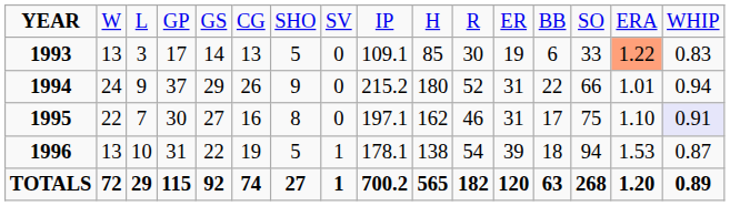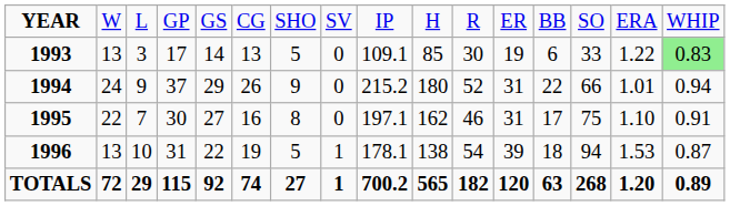 <table class="wikitable">
 <tr align=center>
 <td><strong>YEAR</strong></td>
 <td><a href='#'>W</a></td>
 <td><a href='#'>L</a></td>
 <td><a href='#'>GP</a></td>
 <td><a href='#'>GS</a></td>
 <td><a href='#'>CG</a></td>
 <td><a href='#'>SHO</a></td>
 <td><a href='#'>SV</a></td>
 <td><a href='#'>IP</a></td>
 <td><a href='#'>H</a></td>
 <td><a href='#'>R</a></td>
 <td><a href='#'>ER</a></td>
 <td><a href='#'>BB</a></td>
 <td><a href='#'>SO</a></td>
 <td><a href='#'>ERA</a></td>
 <td><a href='#'>WHIP</a></td>
 </tr>
 <tr align=center>
 <td><strong>1993</strong></td>
 <td>13</td>
 <td>3</td>
 <td>17</td>
 <td>14</td>
 <td>13</td>
 <td>5</td>
 <td>0</td>
 <td>109.1</td>
 <td>85</td>
 <td>30</td>
 <td>19</td>
 <td>6</td>
 <td>33</td>
-<td style="background: lightsalmon;">1.22</td>
-<td>0.83</td>
+<td>1.22</td>
+<td style="background: lightgreen;">0.83</td>
 </tr>
 <tr align=center>
 <td><strong>1994</strong></td>
 <td>24</td>
 <td>9</td>
 <td>37</td>
 <td>29</td>
 <td>26</td>
 <td>9</td>
 <td>0</td>
 <td>215.2</td>
 <td>180</td>
 <td>52</td>
 <td>31</td>
 <td>22</td>
 <td>66</td>
 <td>1.01</td>
 <td>0.94</td>
 </tr>
 <tr align=center>
 <td><strong>1995</strong></td>
 <td>22</td>
 <td>7</td>
 <td>30</td>
 <td>27</td>
 <td>16</td>
 <td>8</td>
 <td>0</td>
 <td>197.1</td>
 <td>162</td>
 <td>46</td>
 <td>31</td>
 <td>17</td>
 <td>75</td>
 <td>1.10</td>
-<td style="background: lavender;">0.91</td>
+<td>0.91</td>
 </tr>
 <tr align=center>
 <td><strong>1996</strong></td>
 <td>13</td>
 <td>10</td>
 <td>31</td>
 <td>22</td>
 <td>19</td>
 <td>5</td>
 <td>1</td>
 <td>178.1</td>
 <td>138</td>
 <td>54</td>
 <td>39</td>
 <td>18</td>
 <td>94</td>
 <td>1.53</td>
 <td>0.87</td>
 </tr>
 <tr align=center>
 <td><strong>TOTALS</strong></td>
 <td><strong>72</strong></td>
 <td><strong>29</strong></td>
 <td><strong>115</strong></td>
 <td><strong>92</strong></td>
 <td><strong>74</strong></td>
 <td><strong>27</strong></td>
 <td><strong>1</strong></td>
 <td><strong>700.2</strong></td>
 <td><strong>565</strong></td>
 <td><strong>182</strong></td>
 <td><strong>120</strong></td>
 <td><strong>63</strong></td>
 <td><strong>268</strong></td>
 <td><strong>1.20</strong></td>
 <td><strong>0.89</strong></td>
 </tr>
 </table>
